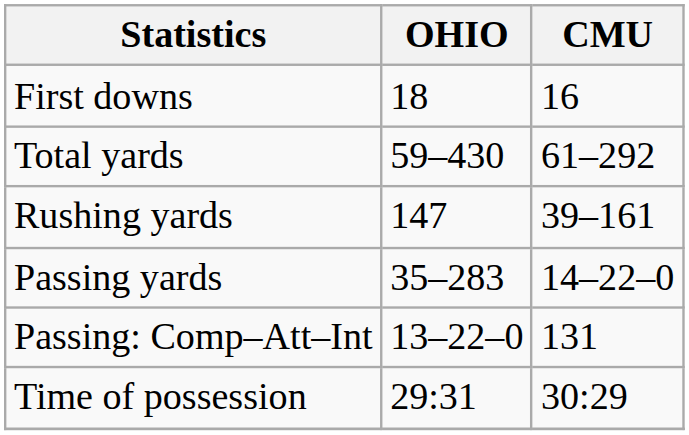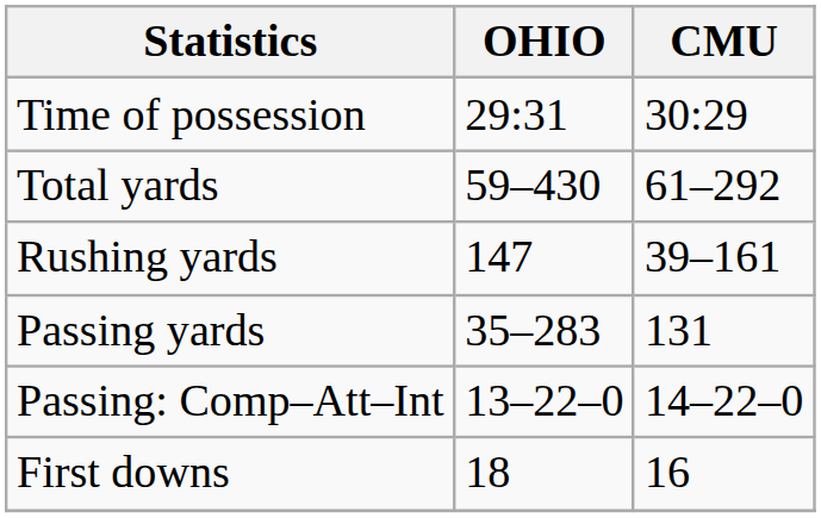 <table class="wikitable" style="float: left;">
 <tr>
 <th>Statistics</th>
 <th>OHIO</th>
 <th>CMU</th>
 </tr>
 <tr>
-<td>First downs</td>
-<td>18</td>
-<td>16</td>
+<td>Time of possession</td>
+<td>29:31</td>
+<td>30:29</td>
 </tr>
 <tr>
 <td>Total yards</td>
 <td>59–430</td>
 <td>61–292</td>
 </tr>
 <tr>
 <td>Rushing yards</td>
 <td>147</td>
 <td>39–161</td>
 </tr>
 <tr>
 <td>Passing yards</td>
 <td>35–283</td>
-<td>14–22–0</td>
+<td>131</td>
 </tr>
 <tr>
 <td>Passing: Comp–Att–Int</td>
 <td>13–22–0</td>
-<td>131</td>
+<td>14–22–0</td>
 </tr>
 <tr>
-<td>Time of possession</td>
-<td>29:31</td>
-<td>30:29</td>
+<td>First downs</td>
+<td>18</td>
+<td>16</td>
 </tr>
 <tr>
 </tr>
 </table>
